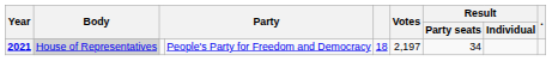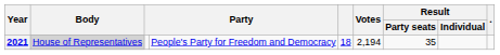 <table class="wikitable plainrowheaders sortable" border=2 cellpadding=4 cellspacing=0 style="border: 1px #aaa solid; font-size: 90%; text-align:center;">
 <tr>
 <th scope="col" rowspan=2>Year</th>
 <th scope="col" rowspan=2>Body</th>
 <th scope="col" colspan=2 rowspan=2>Party</th>
 <th scope="col" rowspan=2></th>
 <th scope="col" rowspan=2>Votes</th>
 <th scope="colgroup" colspan=2>Result</th>
 <th scope="col" rowspan=2 class="unsortable">.</th>
 </tr>
 <tr>
 <th scope="col">Party seats</th>
 <th scope="col">Individual</th>
 </tr>
 <tr>
 <th scope="row"><a href='#'>2021</a></th>
 <td style="background: lightgrey;"><a href='#'>House of Representatives</a></td>
 <td style="background-color:"></td>
 <td><a href='#'>People's Party for Freedom and Democracy</a></td>
 <td style=text-align:right><a href='#'>18</a></td>
-<td style=text-align:right>2,197</td>
-<td style=text-align:right>34</td>
+<td style=text-align:right>2,194</td>
+<td style=text-align:right>35</td>
 <td></td>
 <td></td>
 </tr>
 </table>
